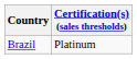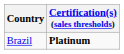 <table class="wikitable">
 <tr>
 <th>Country</th>
 <th><a href='#'>Certification(s)</a><br><small>(<a href='#'>sales thresholds</a>)</small></th>
 </tr>
 <tr>
 <td> <a href='#'>Brazil</a></td>
-<td>Platinum</td>
+<td><strong>Platinum</strong></td>
 </tr>
 </table>
